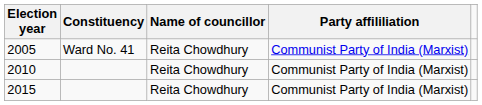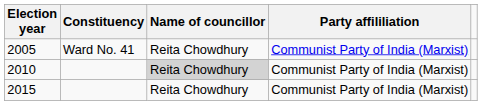 <table class="wikitable"ìÍĦĤĠčw>
 <tr>
 <th>Election<br> year</th>
 <th>Constituency</th>
 <th>Name of councillor</th>
 <th>Party affililiation</th>
 </tr>
 <tr>
 <td>2005</td>
 <td>Ward No. 41</td>
 <td>Reita Chowdhury</td>
 <td><a href='#'>Communist Party of India (Marxist)</a></td>
 <td></td>
 </tr>
 <tr>
 <td>2010</td>
 <td></td>
-<td>Reita Chowdhury</td>
+<td style="background: lightgrey;">Reita Chowdhury</td>
 <td>Communist Party of India (Marxist)</td>
 <td></td>
 </tr>
 <tr>
 <td>2015</td>
 <td></td>
 <td>Reita Chowdhury</td>
 <td>Communist Party of India (Marxist)</td>
 <td></td>
 </tr>
 </table>
